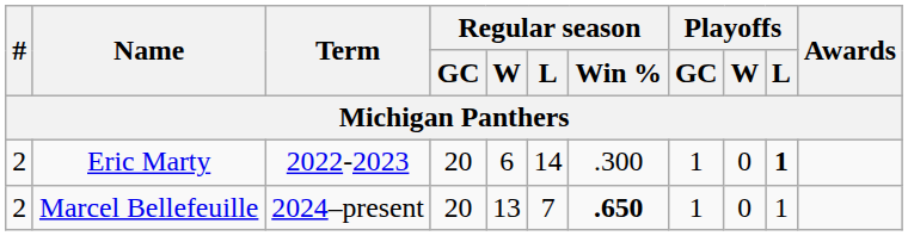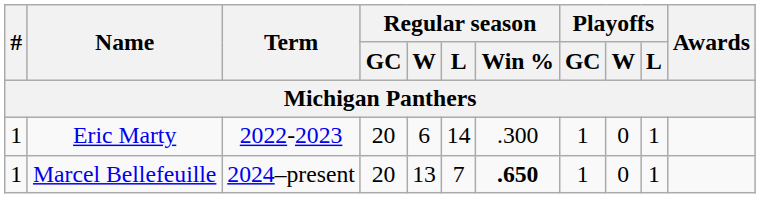 <table class="wikitable" style="text-align:center">
 <tr>
 <th rowspan="2">#</th>
 <th rowspan="2">Name</th>
 <th rowspan="2">Term</th>
 <th colspan="4">Regular season</th>
 <th colspan="3">Playoffs</th>
 <th rowspan="2">Awards</th>
 </tr>
 <tr>
 <th>GC</th>
 <th>W</th>
 <th>L</th>
 <th>Win %</th>
 <th>GC</th>
 <th>W</th>
 <th>L</th>
 </tr>
 <tr>
 <th colspan="11">Michigan Panthers</th>
 </tr>
 <tr>
-<td>2</td>
+<td>1</td>
 <td><a href='#'>Eric Marty</a></td>
 <td><a href='#'>2022</a>-<a href='#'>2023</a></td>
 <td>20</td>
 <td>6</td>
 <td>14</td>
 <td>.300</td>
 <td>1</td>
 <td>0</td>
-<td><strong>1</strong></td>
+<td>1</td>
 <td></td>
 </tr>
 <tr>
-<td>2</td>
+<td>1</td>
 <td><a href='#'>Marcel Bellefeuille</a></td>
 <td><a href='#'>2024</a>–present</td>
 <td>20</td>
 <td>13</td>
 <td>7</td>
 <td><strong>.650</strong></td>
 <td>1</td>
 <td>0</td>
 <td>1</td>
 <td></td>
 </tr>
 </table>
